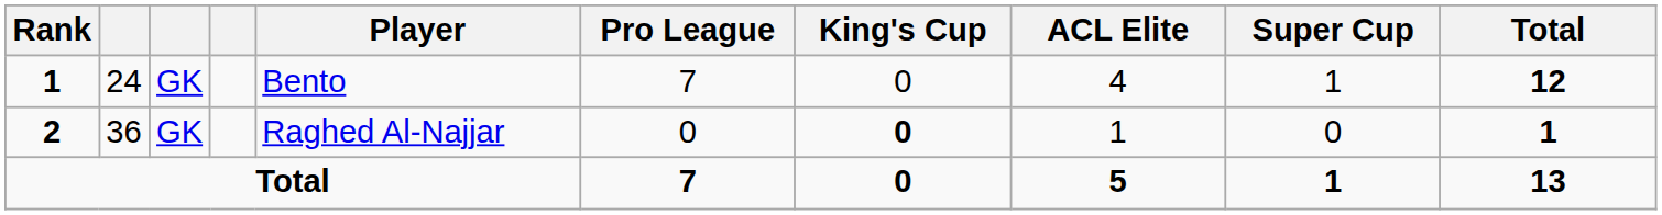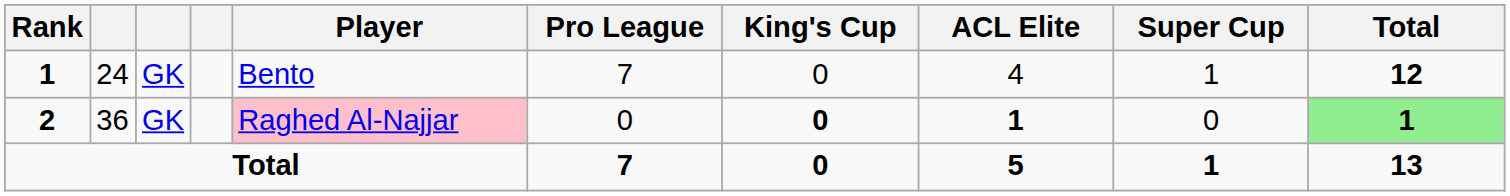 <table class="wikitable" style="text-align:center">
 <tr>
 <th width=15>Rank</th>
 <th width=15></th>
 <th width=15></th>
 <th width=15></th>
 <th width=155>Player</th>
 <th width=100>Pro League</th>
 <th width=100>King's Cup</th>
 <th width=100>ACL Elite</th>
 <th width=100>Super Cup</th>
 <th width=100>Total</th>
 </tr>
 <tr>
 <td><strong>1</strong></td>
 <td>24</td>
 <td><a href='#'>GK</a></td>
 <td></td>
 <td align=left><a href='#'>Bento</a></td>
 <td>7</td>
 <td>0</td>
 <td>4</td>
 <td>1</td>
 <td><strong>12</strong></td>
 </tr>
 <tr>
 <td><strong>2</strong></td>
 <td>36</td>
 <td><a href='#'>GK</a></td>
 <td></td>
-<td align=left><a href='#'>Raghed Al-Najjar</a></td>
+<td align=left style="background: pink;"><a href='#'>Raghed Al-Najjar</a></td>
 <td>0</td>
 <td><strong>0</strong></td>
-<td>1</td>
+<td><strong>1</strong></td>
 <td>0</td>
-<td><strong>1</strong></td>
+<td style="background: lightgreen;"><strong>1</strong></td>
 </tr>
 <tr>
 <td colspan=5><strong>Total</strong></td>
 <td><strong>7</strong></td>
 <td><strong>0</strong></td>
 <td><strong>5</strong></td>
 <td><strong>1</strong></td>
 <td><strong>13</strong></td>
 </tr>
 </table>
